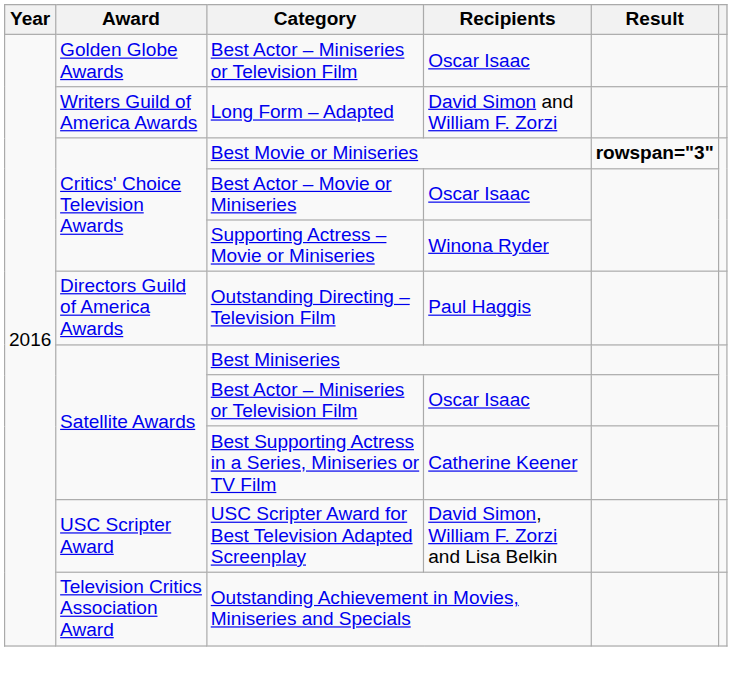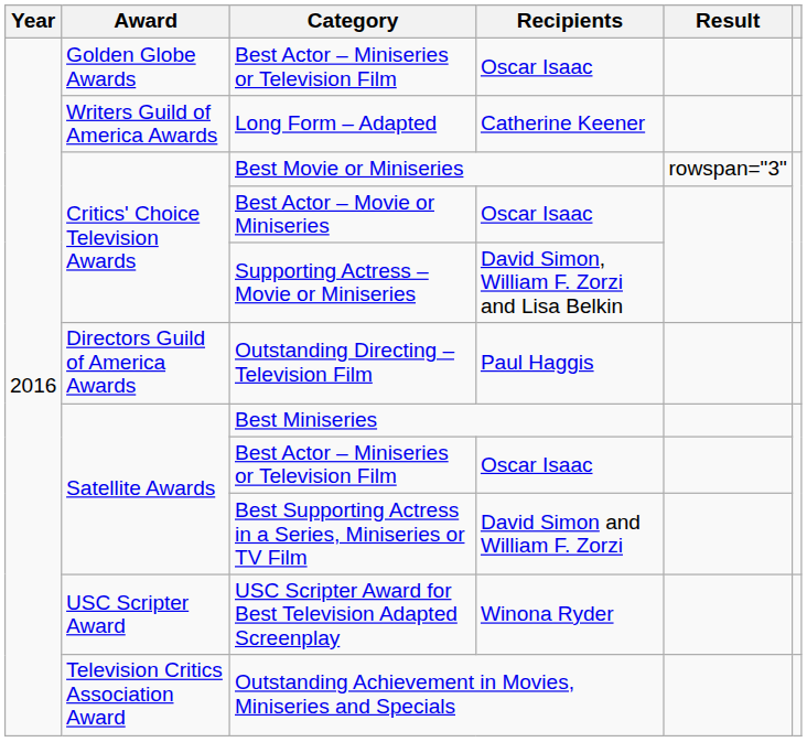 <table class="wikitable">
 <tr style="background:#ccc; text-align:center;">
 <th scope="col" width="6%">Year</th>
 <th scope="col" width="25%">Award</th>
 <th scope="col" width="40%">Category</th>
 <th scope="col" width="30%">Recipients</th>
 <th scope="col" width="10%">Result</th>
 <th></th>
 </tr>
 <tr>
 <td rowspan="11" style="text-align:center;">2016</td>
 <td><a href='#'>Golden Globe Awards</a></td>
 <td><a href='#'>Best Actor – Miniseries or Television Film</a></td>
 <td><a href='#'>Oscar Isaac</a></td>
 <td></td>
 <td></td>
 </tr>
 <tr>
 <td><a href='#'>Writers Guild of America Awards</a></td>
 <td><a href='#'>Long Form – Adapted</a></td>
-<td><a href='#'>David Simon</a> and <a href='#'>William F. Zorzi</a></td>
+<td><a href='#'>Catherine Keener</a></td>
 <td></td>
 <td></td>
 </tr>
 <tr>
 <td rowspan="3"><a href='#'>Critics' Choice Television Awards</a></td>
 <td colspan="2"><a href='#'>Best Movie or Miniseries</a></td>
-<td><strong>rowspan="3" </strong></td>
+<td>rowspan="3" </td>
 <td rowspan="3"></td>
 </tr>
 <tr>
 <td><a href='#'>Best Actor – Movie or Miniseries</a></td>
 <td><a href='#'>Oscar Isaac</a></td>
 </tr>
 <tr>
 <td><a href='#'>Supporting Actress – Movie or Miniseries</a></td>
-<td><a href='#'>Winona Ryder</a></td>
+<td><a href='#'>David Simon</a>, <a href='#'>William F. Zorzi</a> and Lisa Belkin</td>
 </tr>
 <tr>
 <td><a href='#'>Directors Guild of America Awards</a></td>
 <td><a href='#'>Outstanding Directing – Television Film</a></td>
 <td><a href='#'>Paul Haggis</a></td>
 <td></td>
 <td></td>
 </tr>
 <tr>
 <td rowspan="3"><a href='#'>Satellite Awards</a></td>
 <td colspan="2"><a href='#'>Best Miniseries</a></td>
 <td></td>
 <td rowspan="3"></td>
 </tr>
 <tr>
 <td><a href='#'>Best Actor – Miniseries or Television Film</a></td>
 <td><a href='#'>Oscar Isaac</a></td>
 <td></td>
 </tr>
 <tr>
 <td><a href='#'>Best Supporting Actress in a Series, Miniseries or TV Film</a></td>
-<td><a href='#'>Catherine Keener</a></td>
+<td><a href='#'>David Simon</a> and <a href='#'>William F. Zorzi</a></td>
 <td></td>
 </tr>
 <tr>
 <td><a href='#'>USC Scripter Award</a></td>
 <td><a href='#'>USC Scripter Award for Best Television Adapted Screenplay</a></td>
-<td><a href='#'>David Simon</a>, <a href='#'>William F. Zorzi</a> and Lisa Belkin</td>
+<td><a href='#'>Winona Ryder</a></td>
 <td></td>
 <td></td>
 </tr>
 <tr>
 <td><a href='#'>Television Critics Association Award</a></td>
 <td colspan="2"><a href='#'>Outstanding Achievement in Movies, Miniseries and Specials</a></td>
 <td></td>
 <td></td>
 </tr>
 </table>
